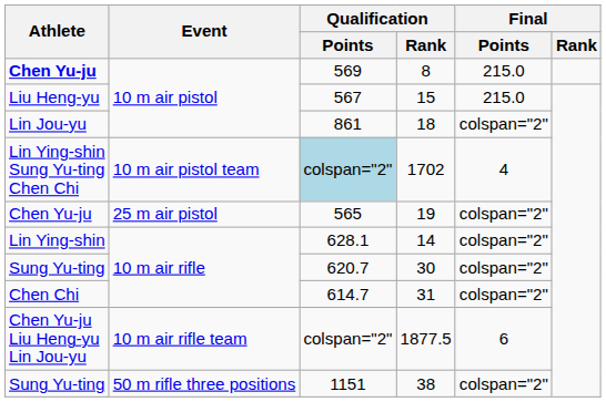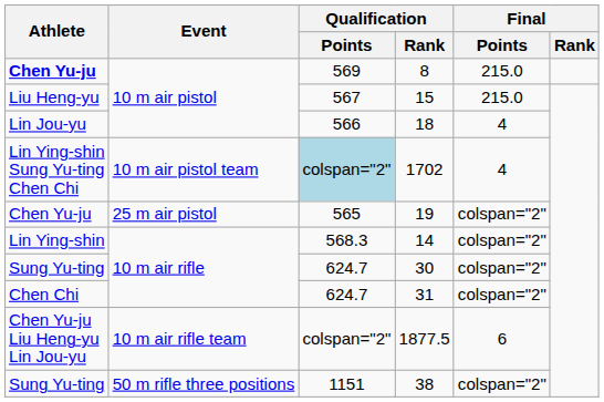 <table class="wikitable" style="font-size:90%; text-align:center">
 <tr>
 <th rowspan="2">Athlete</th>
 <th rowspan="2">Event</th>
 <th colspan="2">Qualification</th>
 <th colspan="2">Final</th>
 </tr>
 <tr>
 <th>Points</th>
 <th>Rank</th>
 <th>Points</th>
 <th>Rank</th>
 </tr>
 <tr>
 <td align="left"><strong><a href='#'>Chen Yu-ju</a></strong></td>
 <td align="left" rowspan="3"><a href='#'>10 m air pistol</a></td>
 <td>569</td>
 <td>8</td>
 <td>215.0</td>
 <td></td>
 </tr>
 <tr>
 <td align="left"><a href='#'>Liu Heng-yu</a></td>
 <td>567</td>
 <td>15</td>
 <td>215.0</td>
 </tr>
 <tr>
 <td align="left"><a href='#'>Lin Jou-yu</a></td>
-<td>861</td>
+<td>566</td>
 <td>18</td>
-<td>colspan="2" </td>
+<td>4</td>
 </tr>
 <tr>
 <td align="left"><a href='#'>Lin Ying-shin</a><br><a href='#'>Sung Yu-ting</a><br><a href='#'>Chen Chi</a></td>
 <td align="left"><a href='#'>10 m air pistol team</a></td>
 <td style="background: lightblue;">colspan="2" </td>
 <td>1702</td>
 <td>4</td>
 </tr>
 <tr>
 <td align="left"><a href='#'>Chen Yu-ju</a></td>
 <td align="left"><a href='#'>25 m air pistol</a></td>
 <td>565</td>
 <td>19</td>
 <td>colspan="2" </td>
 </tr>
 <tr>
 <td align="left"><a href='#'>Lin Ying-shin</a></td>
 <td align="left" rowspan="3"><a href='#'>10 m air rifle</a></td>
-<td>628.1</td>
+<td>568.3</td>
 <td>14</td>
 <td>colspan="2" </td>
 </tr>
 <tr>
 <td align="left"><a href='#'>Sung Yu-ting</a></td>
-<td>620.7</td>
+<td>624.7</td>
 <td>30</td>
 <td>colspan="2" </td>
 </tr>
 <tr>
 <td align="left"><a href='#'>Chen Chi</a></td>
-<td>614.7</td>
+<td>624.7</td>
 <td>31</td>
 <td>colspan="2" </td>
 </tr>
 <tr>
 <td align="left"><a href='#'>Chen Yu-ju</a><br><a href='#'>Liu Heng-yu</a><br><a href='#'>Lin Jou-yu</a></td>
 <td align="left"><a href='#'>10 m air rifle team</a></td>
 <td>colspan="2" </td>
 <td>1877.5</td>
 <td>6</td>
 </tr>
 <tr>
 <td align="left"><a href='#'>Sung Yu-ting</a></td>
 <td align="left"><a href='#'>50 m rifle three positions</a></td>
 <td>1151</td>
 <td>38</td>
 <td>colspan="2" </td>
 </tr>
 </table>
